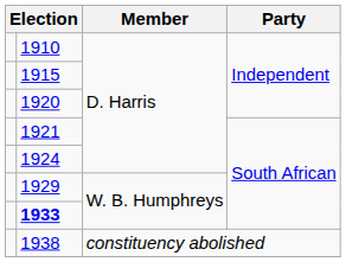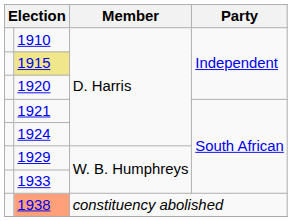 <table class="wikitable">
 <tr>
 <th colspan="2">Election</th>
 <th>Member</th>
 <th>Party</th>
 </tr>
 <tr>
 <td style="background-color: "></td>
 <td><a href='#'>1910</a></td>
 <td rowspan="5">D. Harris</td>
 <td rowspan="3"><a href='#'>Independent</a></td>
 </tr>
 <tr>
 <td style="background-color: "></td>
-<td><a href='#'>1915</a></td>
+<td style="background: khaki;"><a href='#'>1915</a></td>
 </tr>
 <tr>
 <td style="background-color: "></td>
 <td><a href='#'>1920</a></td>
 </tr>
 <tr>
 <td style="background-color: "></td>
 <td><a href='#'>1921</a></td>
 <td rowspan="4"><a href='#'>South African</a></td>
 </tr>
 <tr>
 <td style="background-color: "></td>
 <td><a href='#'>1924</a></td>
 </tr>
 <tr>
 <td style="background-color: "></td>
 <td><a href='#'>1929</a></td>
 <td rowspan="2">W. B. Humphreys</td>
 </tr>
 <tr>
 <td style="background-color: "></td>
-<td><strong><a href='#'>1933</a></strong></td>
+<td><a href='#'>1933</a></td>
 </tr>
 <tr>
 <td style="background-color: "></td>
-<td><a href='#'>1938</a></td>
+<td style="background: lightsalmon;"><a href='#'>1938</a></td>
 <td colspan="2"><em>constituency abolished</em></td>
 </tr>
 <tr>
 </tr>
 </table>
